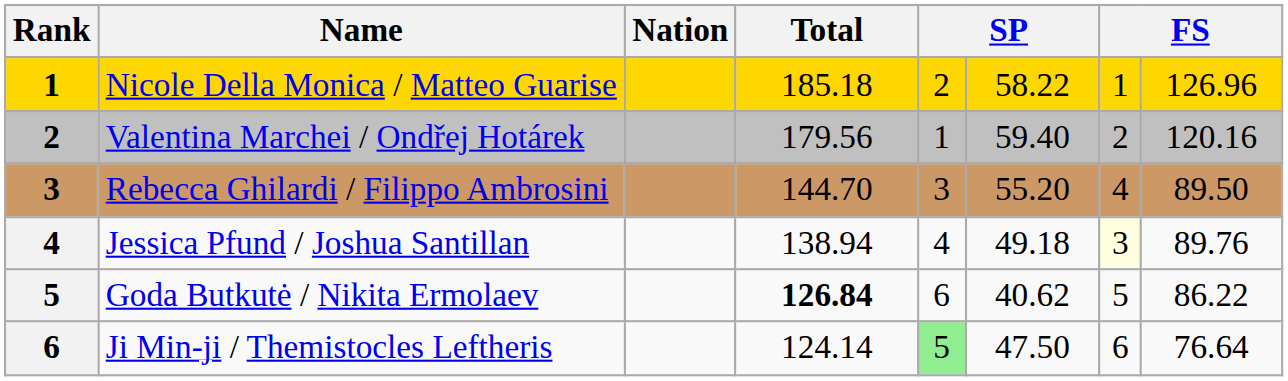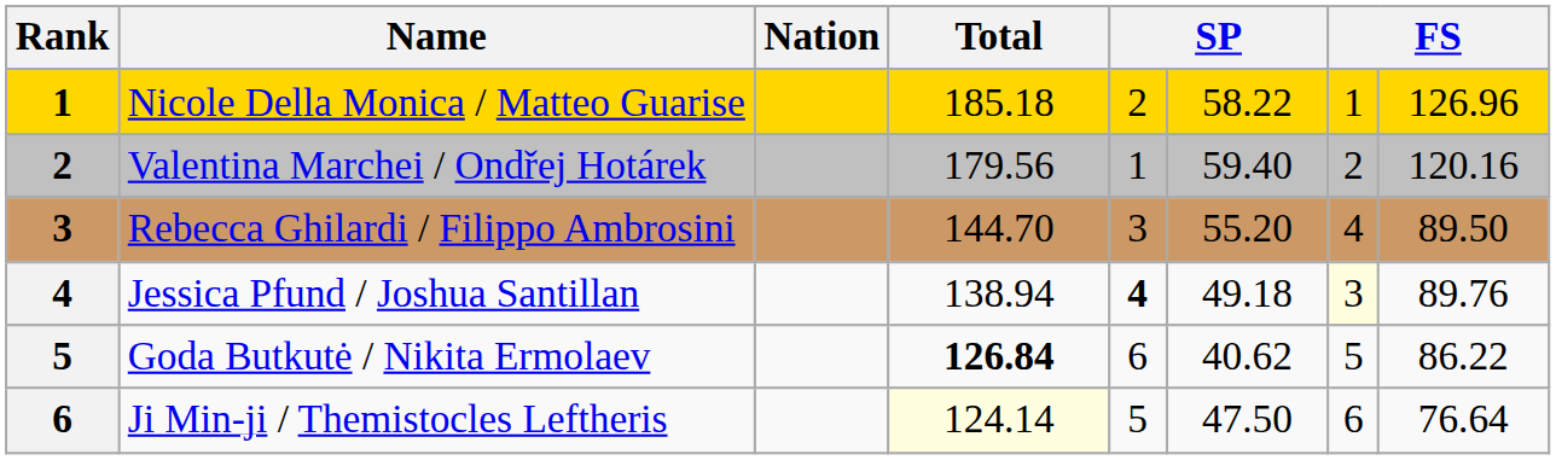 <table class="wikitable sortable">
 <tr>
 <th>Rank</th>
 <th>Name</th>
 <th>Nation</th>
 <th width="80px">Total</th>
 <th colspan="2" width="80px"><a href='#'>SP</a></th>
 <th colspan="2" width="80px"><a href='#'>FS</a></th>
 </tr>
 <tr bgcolor="gold">
 <td align="center"><strong>1</strong></td>
 <td><a href='#'>Nicole Della Monica</a> / <a href='#'>Matteo Guarise</a></td>
 <td></td>
 <td align="center">185.18</td>
 <td align="center">2</td>
 <td align="center">58.22</td>
 <td align="center">1</td>
 <td align="center">126.96</td>
 </tr>
 <tr bgcolor="silver">
 <td align="center"><strong>2</strong></td>
 <td><a href='#'>Valentina Marchei</a> / <a href='#'>Ondřej Hotárek</a></td>
 <td></td>
 <td align="center">179.56</td>
 <td align="center">1</td>
 <td align="center">59.40</td>
 <td align="center">2</td>
 <td align="center">120.16</td>
 </tr>
 <tr bgcolor="cc9966">
 <td align="center"><strong>3</strong></td>
 <td><a href='#'>Rebecca Ghilardi</a> / <a href='#'>Filippo Ambrosini</a></td>
 <td></td>
 <td align="center">144.70</td>
 <td align="center">3</td>
 <td align="center">55.20</td>
 <td align="center">4</td>
 <td align="center">89.50</td>
 </tr>
 <tr>
 <th>4</th>
 <td><a href='#'>Jessica Pfund</a> / <a href='#'>Joshua Santillan</a></td>
 <td></td>
 <td align="center">138.94</td>
-<td align="center">4</td>
+<td align="center"><strong>4</strong></td>
 <td align="center">49.18</td>
 <td align="center" style="background: lightyellow;">3</td>
 <td align="center">89.76</td>
 </tr>
 <tr>
 <th>5</th>
 <td><a href='#'>Goda Butkutė</a> / <a href='#'>Nikita Ermolaev</a></td>
 <td></td>
 <td align="center"><strong>126.84</strong></td>
 <td align="center">6</td>
 <td align="center">40.62</td>
 <td align="center">5</td>
 <td align="center">86.22</td>
 </tr>
 <tr>
 <th>6</th>
 <td><a href='#'>Ji Min-ji</a> / <a href='#'>Themistocles Leftheris</a></td>
 <td></td>
-<td align="center">124.14</td>
-<td align="center" style="background: lightgreen;">5</td>
+<td align="center" style="background: lightyellow;">124.14</td>
+<td align="center">5</td>
 <td align="center">47.50</td>
 <td align="center">6</td>
 <td align="center">76.64</td>
 </tr>
 </table>
